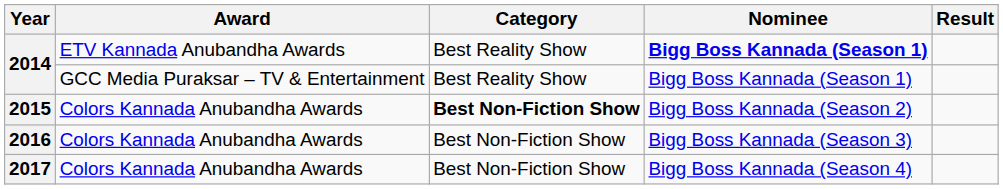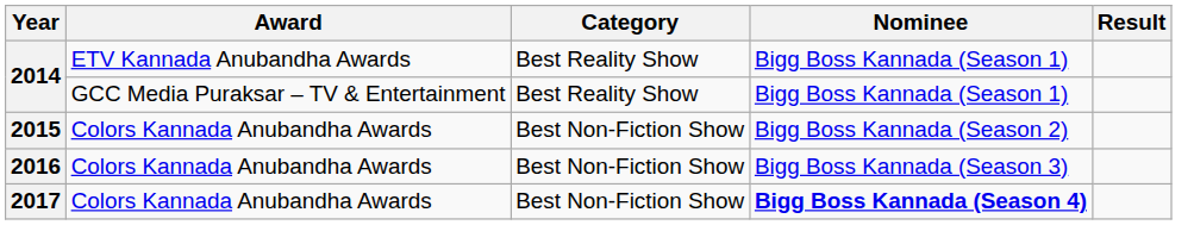 <table class="wikitable">
 <tr>
 <th>Year</th>
 <th>Award</th>
 <th>Category</th>
 <th>Nominee</th>
 <th>Result</th>
 </tr>
 <tr>
 <th rowspan="2">2014</th>
 <td><a href='#'>ETV Kannada</a> Anubandha Awards</td>
 <td>Best Reality Show</td>
-<td><strong><a href='#'>Bigg Boss Kannada (Season 1)</a></strong></td>
+<td><a href='#'>Bigg Boss Kannada (Season 1)</a></td>
 <td></td>
 </tr>
 <tr>
 <td>GCC Media Puraksar – TV & Entertainment</td>
 <td>Best Reality Show</td>
 <td><a href='#'>Bigg Boss Kannada (Season 1)</a></td>
 <td></td>
 </tr>
 <tr>
 <th>2015</th>
 <td><a href='#'>Colors Kannada</a> Anubandha Awards</td>
-<td><strong>Best Non-Fiction Show</strong></td>
+<td>Best Non-Fiction Show</td>
 <td><a href='#'>Bigg Boss Kannada (Season 2)</a></td>
 <td></td>
 </tr>
 <tr>
 <th>2016</th>
 <td><a href='#'>Colors Kannada</a> Anubandha Awards</td>
 <td>Best Non-Fiction Show</td>
 <td><a href='#'>Bigg Boss Kannada (Season 3)</a></td>
 <td></td>
 </tr>
 <tr>
 <th>2017</th>
 <td><a href='#'>Colors Kannada</a> Anubandha Awards</td>
 <td>Best Non-Fiction Show</td>
-<td><a href='#'>Bigg Boss Kannada (Season 4)</a></td>
+<td><strong><a href='#'>Bigg Boss Kannada (Season 4)</a></strong></td>
 <td></td>
 </tr>
 </table>
